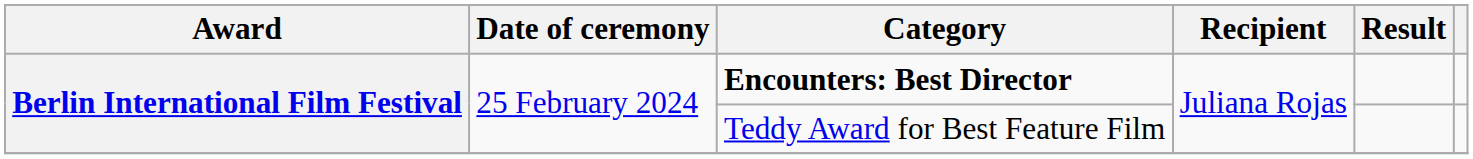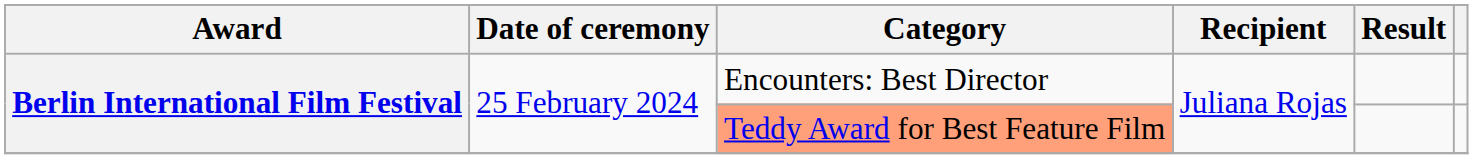 <table class="wikitable sortable plainrowheaders">
 <tr>
 <th>Award</th>
 <th>Date of ceremony</th>
 <th>Category</th>
 <th>Recipient</th>
 <th>Result</th>
 <th></th>
 </tr>
 <tr>
 <th scope="row" rowspan="2"><a href='#'>Berlin International Film Festival</a></th>
 <td rowspan="2"><a href='#'>25 February 2024</a></td>
-<td><strong>Encounters: Best Director</strong></td>
+<td>Encounters: Best Director</td>
 <td rowspan="2"><a href='#'>Juliana Rojas</a></td>
 <td></td>
 <td align="center" rowspan="1"></td>
 </tr>
 <tr>
-<td><a href='#'>Teddy Award</a> for Best Feature Film</td>
+<td style="background: lightsalmon;"><a href='#'>Teddy Award</a> for Best Feature Film</td>
 <td></td>
 <td align="center" rowspan="1"></td>
 </tr>
 <tr>
 </tr>
 </table>
